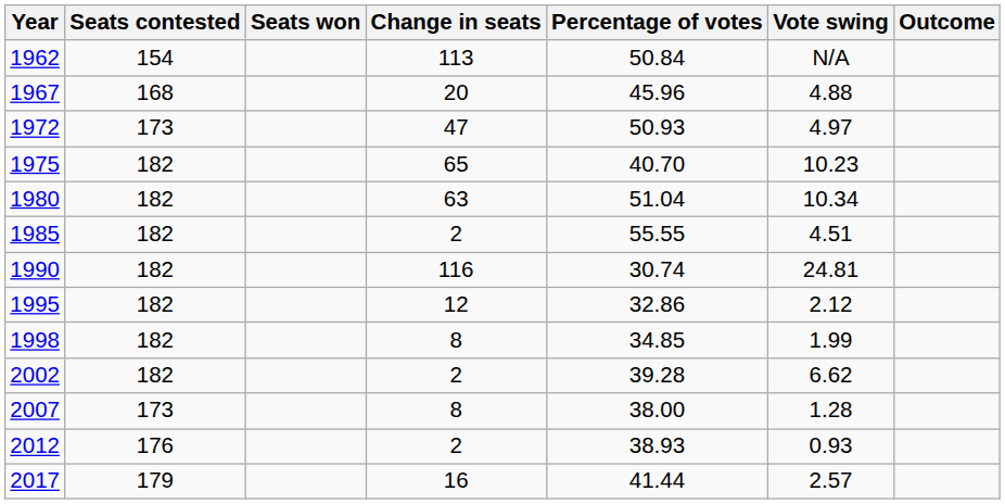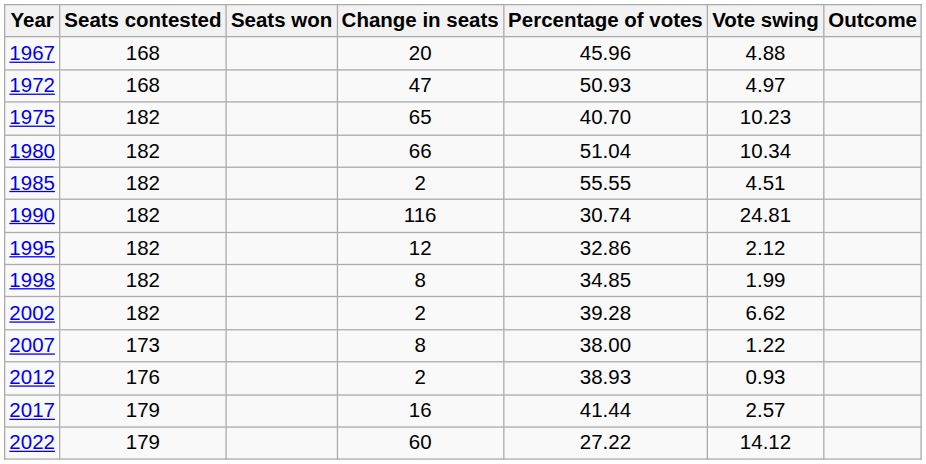 <table class="wikitable" style="text-align:center">
 <tr>
 <th Style="background-color:">Year</th>
 <th Style="background-color:">Seats contested</th>
 <th Style="background-color:">Seats won</th>
 <th Style="background-color:">Change in seats</th>
 <th Style="background-color:">Percentage of votes</th>
 <th Style="background-color:">Vote swing</th>
 <th Style="background-color:">Outcome</th>
-</tr>
-<tr>
-<td><a href='#'>1962</a></td>
-<td>154</td>
-<td></td>
-<td> 113</td>
-<td>50.84</td>
-<td>N/A</td>
-<td></td>
 </tr>
 <tr>
 <td><a href='#'>1967</a></td>
 <td>168</td>
 <td></td>
 <td> 20</td>
 <td>45.96</td>
 <td> 4.88</td>
 <td></td>
 </tr>
 <tr>
 <td><a href='#'>1972</a></td>
-<td>173</td>
+<td>168</td>
 <td></td>
 <td> 47</td>
 <td>50.93</td>
 <td> 4.97</td>
 <td></td>
 </tr>
 <tr>
 <td><a href='#'>1975</a></td>
 <td>182</td>
 <td></td>
 <td> 65</td>
 <td>40.70</td>
 <td> 10.23</td>
 <td></td>
 </tr>
 <tr>
 <td><a href='#'>1980</a></td>
 <td>182</td>
 <td></td>
-<td> 63</td>
+<td> 66</td>
 <td>51.04</td>
 <td> 10.34</td>
 <td></td>
 </tr>
 <tr>
 <td><a href='#'>1985</a></td>
 <td>182</td>
 <td></td>
 <td> 2</td>
 <td>55.55</td>
 <td> 4.51</td>
 <td></td>
 </tr>
 <tr>
 <td><a href='#'>1990</a></td>
 <td>182</td>
 <td></td>
 <td> 116</td>
 <td>30.74</td>
 <td> 24.81</td>
 <td></td>
 </tr>
 <tr>
 <td><a href='#'>1995</a></td>
 <td>182</td>
 <td></td>
 <td> 12</td>
 <td>32.86</td>
 <td> 2.12</td>
 <td></td>
 </tr>
 <tr>
 <td><a href='#'>1998</a></td>
 <td>182</td>
 <td></td>
 <td> 8</td>
 <td>34.85</td>
 <td> 1.99</td>
 <td></td>
 </tr>
 <tr>
 <td><a href='#'>2002</a></td>
 <td>182</td>
 <td></td>
 <td> 2</td>
 <td>39.28</td>
 <td> 6.62</td>
 <td></td>
 </tr>
 <tr>
 <td><a href='#'>2007</a></td>
 <td>173</td>
 <td></td>
 <td> 8</td>
 <td>38.00</td>
-<td> 1.28</td>
+<td> 1.22</td>
 <td></td>
 </tr>
 <tr>
 <td><a href='#'>2012</a></td>
 <td>176</td>
 <td></td>
 <td> 2</td>
 <td>38.93</td>
 <td> 0.93</td>
 <td></td>
 </tr>
 <tr>
 <td><a href='#'>2017</a></td>
 <td>179</td>
 <td></td>
 <td> 16</td>
 <td>41.44</td>
 <td> 2.57</td>
 <td></td>
 </tr>
+<tr>
+<td><a href='#'>2022</a></td>
+<td>179</td>
+<td></td>
+<td> 60</td>
+<td>27.22</td>
+<td> 14.12</td>
+<td></td>
+</tr>
 </table>
